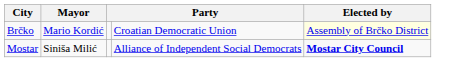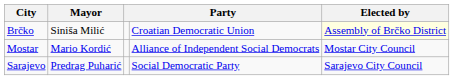 <table class="wikitable">
 <tr>
 <th scope="col">City</th>
 <th scope="col">Mayor</th>
 <th scope="col" colspan=2>Party</th>
 <th scope="col">Elected by</th>
 </tr>
 <tr>
 <td><a href='#'>Brčko</a></td>
-<td><a href='#'>Mario Kordić</a></td>
+<td>Siniša Milić</td>
 <td style="background-color:"></td>
 <td><a href='#'>Croatian Democratic Union</a></td>
 <td style="background: lightyellow;"><a href='#'>Assembly of Brčko District</a></td>
 </tr>
 <tr>
 <td><a href='#'>Mostar</a></td>
-<td>Siniša Milić</td>
+<td><a href='#'>Mario Kordić</a></td>
 <td style="background-color:"></td>
 <td><a href='#'>Alliance of Independent Social Democrats</a></td>
-<td><strong><a href='#'>Mostar City Council</a></strong></td>
+<td><a href='#'>Mostar City Council</a></td>
+</tr>
+<tr>
+<td><a href='#'>Sarajevo</a></td>
+<td><a href='#'>Predrag Puharić</a></td>
+<td style="background-color:"></td>
+<td><a href='#'>Social Democratic Party</a></td>
+<td><a href='#'>Sarajevo City Council</a></td>
 </tr>
 </table>
